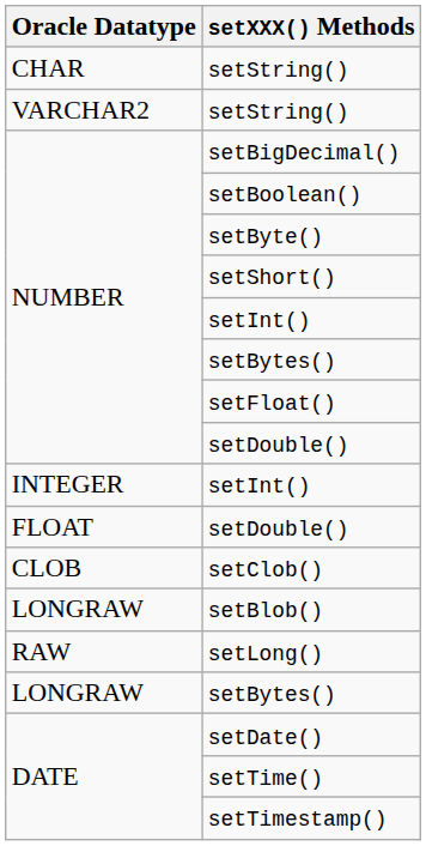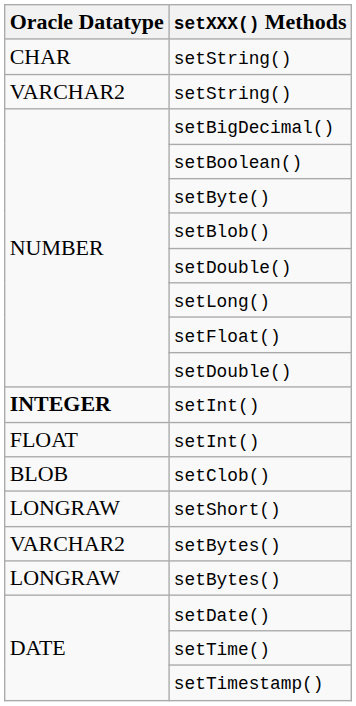 <table class="wikitable floatright">
 <tr>
 <th>Oracle Datatype</th>
 <th><code>setXXX()</code> Methods</th>
 </tr>
 <tr>
 <td>CHAR</td>
 <td><code>setString()</code></td>
 </tr>
 <tr>
 <td>VARCHAR2</td>
 <td><code>setString()</code></td>
 </tr>
 <tr>
 <td rowspan="8">NUMBER</td>
 <td><code>setBigDecimal()</code></td>
 </tr>
 <tr>
 <td><code>setBoolean()</code></td>
 </tr>
 <tr>
 <td><code>setByte()</code></td>
 </tr>
 <tr>
-<td><code>setShort()</code></td>
+<td><code>setBlob()</code></td>
 </tr>
 <tr>
-<td><code>setInt()</code></td>
+<td><code>setDouble()</code></td>
 </tr>
 <tr>
-<td><code>setBytes()</code></td>
+<td><code>setLong()</code></td>
 </tr>
 <tr>
 <td><code>setFloat()</code></td>
 </tr>
 <tr>
 <td><code>setDouble()</code></td>
 </tr>
 <tr>
-<td>INTEGER</td>
+<td><strong>INTEGER</strong></td>
 <td><code>setInt()</code></td>
 </tr>
 <tr>
 <td>FLOAT</td>
-<td><code>setDouble()</code></td>
+<td><code>setInt()</code></td>
 </tr>
 <tr>
-<td>CLOB</td>
+<td>BLOB</td>
 <td><code>setClob()</code></td>
 </tr>
 <tr>
 <td>LONGRAW</td>
-<td><code>setBlob()</code></td>
+<td><code>setShort()</code></td>
 </tr>
 <tr>
-<td>RAW</td>
-<td><code>setLong()</code></td>
+<td>VARCHAR2</td>
+<td><code>setBytes()</code></td>
 </tr>
 <tr>
 <td>LONGRAW</td>
 <td><code>setBytes()</code></td>
 </tr>
 <tr>
 <td rowspan="3">DATE</td>
 <td><code>setDate()</code></td>
 </tr>
 <tr>
 <td><code>setTime()</code></td>
 </tr>
 <tr>
 <td><code>setTimestamp()</code></td>
 </tr>
 </table>
